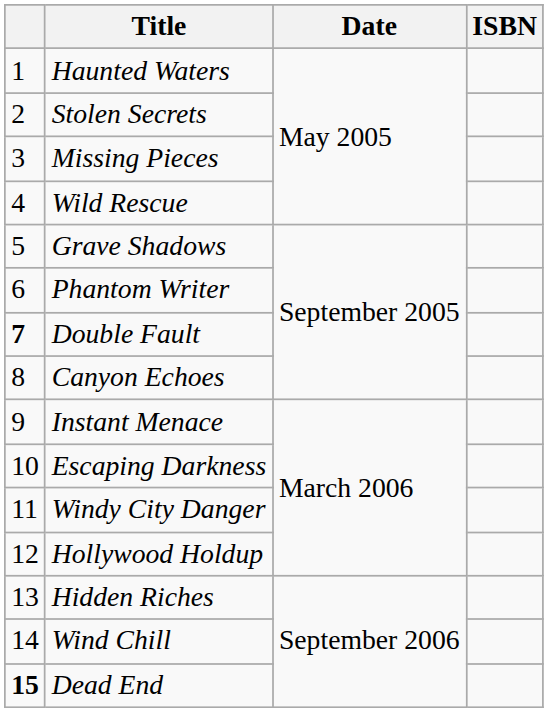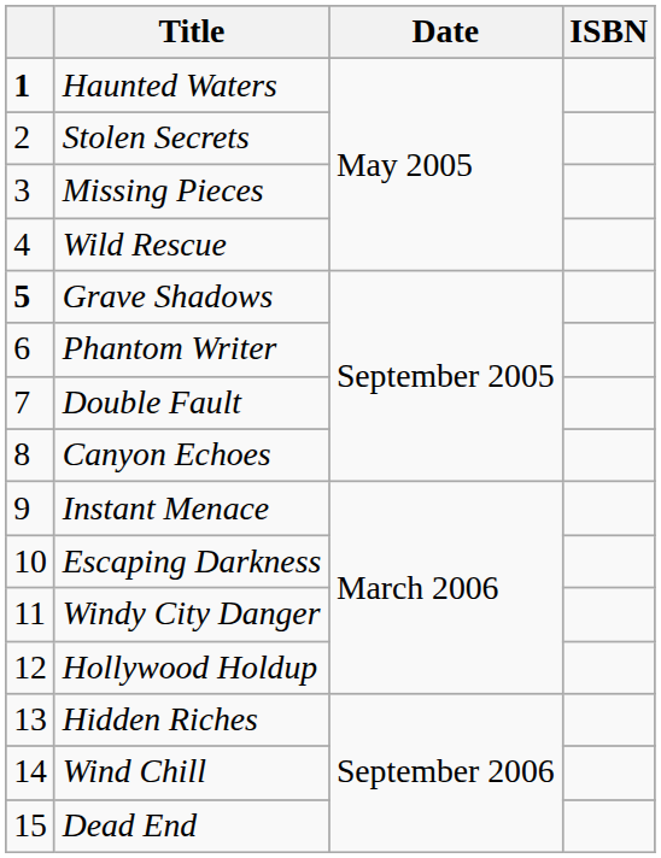 <table class="wikitable">
 <tr>
 <th></th>
 <th>Title</th>
 <th>Date</th>
 <th>ISBN</th>
 </tr>
 <tr>
-<td>1</td>
+<td><strong>1</strong></td>
 <td><em>Haunted Waters</em></td>
 <td rowspan="4">May 2005</td>
 <td></td>
 </tr>
 <tr>
 <td>2</td>
 <td><em>Stolen Secrets</em></td>
 <td></td>
 </tr>
 <tr>
 <td>3</td>
 <td><em>Missing Pieces</em></td>
 <td></td>
 </tr>
 <tr>
 <td>4</td>
 <td><em>Wild Rescue</em></td>
 <td></td>
 </tr>
 <tr>
-<td>5</td>
+<td><strong>5</strong></td>
 <td><em>Grave Shadows</em></td>
 <td rowspan="4">September 2005</td>
 <td></td>
 </tr>
 <tr>
 <td>6</td>
 <td><em>Phantom Writer</em></td>
 <td></td>
 </tr>
 <tr>
-<td><strong>7</strong></td>
+<td>7</td>
 <td><em>Double Fault</em></td>
 <td></td>
 </tr>
 <tr>
 <td>8</td>
 <td><em>Canyon Echoes</em></td>
 <td></td>
 </tr>
 <tr>
 <td>9</td>
 <td><em>Instant Menace</em></td>
 <td rowspan="4">March 2006</td>
 <td></td>
 </tr>
 <tr>
 <td>10</td>
 <td><em>Escaping Darkness</em></td>
 <td></td>
 </tr>
 <tr>
 <td>11</td>
 <td><em>Windy City Danger</em></td>
 <td></td>
 </tr>
 <tr>
 <td>12</td>
 <td><em>Hollywood Holdup</em></td>
 <td></td>
 </tr>
 <tr>
 <td>13</td>
 <td><em>Hidden Riches</em></td>
 <td rowspan="3">September 2006</td>
 <td></td>
 </tr>
 <tr>
 <td>14</td>
 <td><em>Wind Chill</em></td>
 <td></td>
 </tr>
 <tr>
-<td><strong>15</strong></td>
+<td>15</td>
 <td><em>Dead End</em></td>
 <td></td>
 </tr>
 </table>
